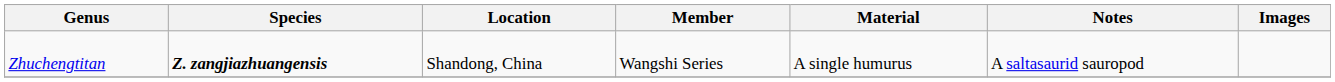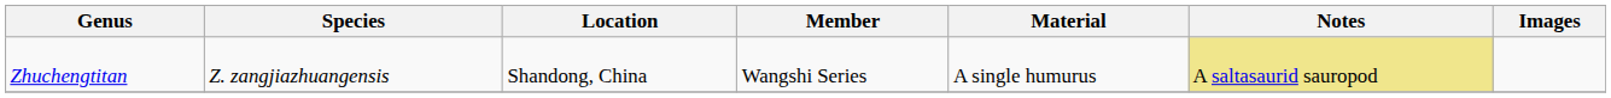 <table class="wikitable" align="center" width="100%">
 <tr>
 <th>Genus</th>
 <th>Species</th>
 <th>Location</th>
 <th>Member</th>
 <th>Material</th>
 <th>Notes</th>
 <th>Images</th>
 </tr>
 <tr>
 <td><br><em><a href='#'>Zhuchengtitan</a></em></td>
-<td><strong><br><em>Z. zangjiazhuangensis</em></strong></td>
+<td><br><em>Z. zangjiazhuangensis</em></td>
 <td><br>Shandong, China</td>
 <td><br>Wangshi Series</td>
 <td><br>A single humurus</td>
-<td><br>A <a href='#'>saltasaurid</a> sauropod</td>
+<td style="background: khaki;"><br>A <a href='#'>saltasaurid</a> sauropod</td>
 <td></td>
 </tr>
 <tr>
 </tr>
 </table>
